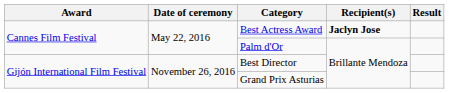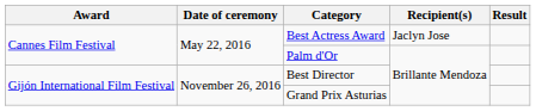 <table class="wikitable sortable">
 <tr>
 <th>Award</th>
 <th>Date of ceremony</th>
 <th>Category</th>
 <th>Recipient(s)</th>
 <th>Result</th>
 </tr>
 <tr>
 <td rowspan="2"><a href='#'>Cannes Film Festival</a></td>
 <td rowspan="2">May 22, 2016</td>
 <td><a href='#'>Best Actress Award</a></td>
-<td><strong>Jaclyn Jose</strong></td>
+<td>Jaclyn Jose</td>
 <td></td>
 </tr>
 <tr>
 <td><a href='#'>Palm d'Or</a></td>
 <td rowspan="3">Brillante Mendoza</td>
 <td></td>
 </tr>
 <tr>
 <td rowspan="2"><a href='#'>Gijón International Film Festival</a></td>
 <td rowspan="2">November 26, 2016</td>
 <td>Best Director</td>
 <td></td>
 </tr>
 <tr>
 <td>Grand Prix Asturias</td>
 <td></td>
 </tr>
 </table>
